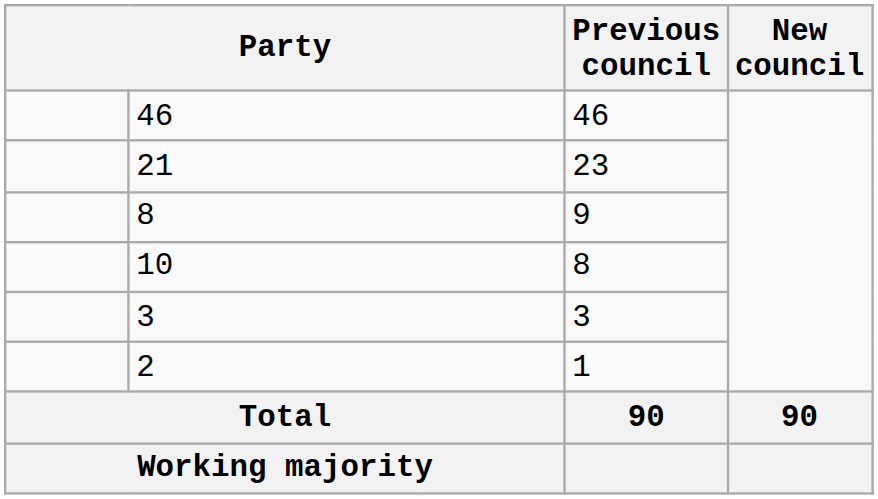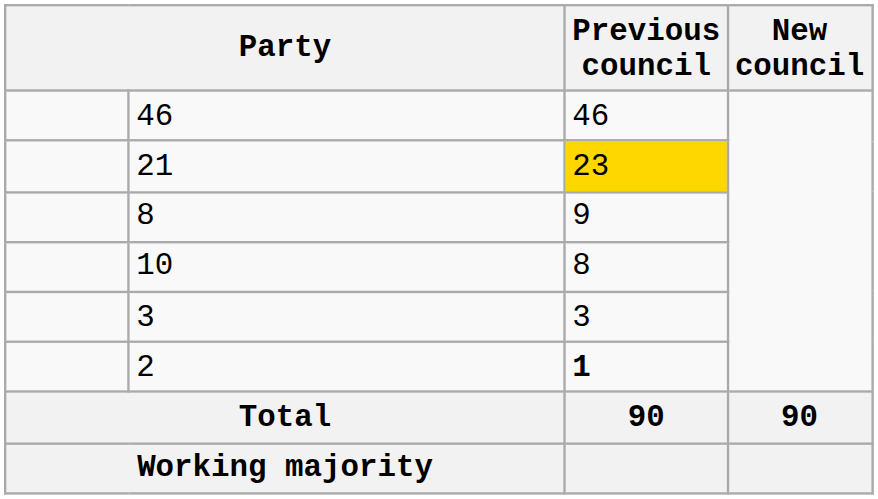 <table class="wikitable">
 <tr>
 <th valign=centre colspan="2" style="width: 230px">Party</th>
 <th valign=top style="width: 30px">Previous council</th>
 <th valign=top style="width: 30px">New council</th>
 </tr>
 <tr>
 <td></td>
 <td>46</td>
 <td>46</td>
 </tr>
 <tr>
 <td></td>
 <td>21</td>
-<td>23</td>
+<td style="background: gold;">23</td>
 </tr>
 <tr>
 <td></td>
 <td>8</td>
 <td>9</td>
 </tr>
 <tr>
 <td></td>
 <td>10</td>
 <td>8</td>
 </tr>
 <tr>
 <td></td>
 <td>3</td>
 <td>3</td>
 </tr>
 <tr>
 <td></td>
 <td>2</td>
-<td>1</td>
+<td><strong>1</strong></td>
 </tr>
 <tr>
 <th colspan=2>Total</th>
 <th style="text-align: center">90</th>
 <th colspan=3>90</th>
 </tr>
 <tr>
 <th colspan=2>Working majority</th>
 <th></th>
 <th></th>
 </tr>
 </table>
